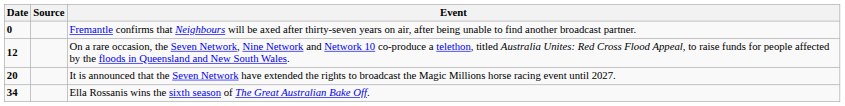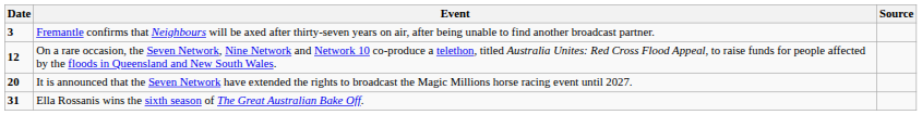 <table class="wikitable">
 <tr>
 <th>Date</th>
+<th>Event</th>
 <th>Source</th>
-<th>Event</th>
 </tr>
 <tr>
-<td><strong>0</strong></td>
+<td><strong>3</strong></td>
+<td><a href='#'>Fremantle</a> confirms that <em><a href='#'>Neighbours</a></em> will be axed after thirty-seven years on air, after being unable to find another broadcast partner.</td>
 <td></td>
-<td><a href='#'>Fremantle</a> confirms that <em><a href='#'>Neighbours</a></em> will be axed after thirty-seven years on air, after being unable to find another broadcast partner.</td>
 </tr>
 <tr>
 <td><strong>12</strong></td>
+<td>On a rare occasion, the <a href='#'>Seven Network</a>, <a href='#'>Nine Network</a> and <a href='#'>Network 10</a> co-produce a <a href='#'>telethon</a>, titled <em>Australia Unites: Red Cross Flood Appeal</em>, to raise funds for people affected by the <a href='#'>floods in Queensland and New South Wales</a>.</td>
 <td></td>
-<td>On a rare occasion, the <a href='#'>Seven Network</a>, <a href='#'>Nine Network</a> and <a href='#'>Network 10</a> co-produce a <a href='#'>telethon</a>, titled <em>Australia Unites: Red Cross Flood Appeal</em>, to raise funds for people affected by the <a href='#'>floods in Queensland and New South Wales</a>.</td>
 </tr>
 <tr>
 <td><strong>20</strong></td>
+<td>It is announced that the <a href='#'>Seven Network</a> have extended the rights to broadcast the Magic Millions horse racing event until 2027.</td>
 <td></td>
-<td>It is announced that the <a href='#'>Seven Network</a> have extended the rights to broadcast the Magic Millions horse racing event until 2027.</td>
 </tr>
 <tr>
-<td><strong>34</strong></td>
+<td><strong>31</strong></td>
+<td>Ella Rossanis wins the <a href='#'>sixth season</a> of <em><a href='#'>The Great Australian Bake Off</a></em>.</td>
 <td></td>
-<td>Ella Rossanis wins the <a href='#'>sixth season</a> of <em><a href='#'>The Great Australian Bake Off</a></em>.</td>
 </tr>
 </table>
